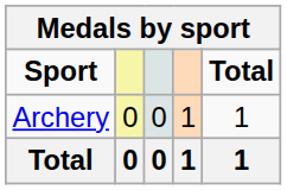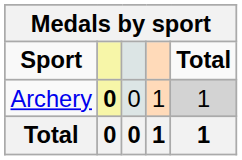 <table class="wikitable" border="1" style="font-size:85%; float:down">
 <tr bgcolor=#efefef>
 <th colspan=7><strong>Medals by sport</strong></th>
 </tr>
 <tr align=center>
 <td><strong>Sport</strong></td>
 <td bgcolor=#f7f6a8></td>
 <td bgcolor=#dce5e5></td>
 <td bgcolor=#ffdab9></td>
 <td><strong>Total</strong></td>
 </tr>
 <tr align=center>
 <td><a href='#'>Archery</a></td>
-<td bgcolor=#f7f6a8>0</td>
+<td bgcolor=#f7f6a8><strong>0</strong></td>
 <td bgcolor=#dce5e5>0</td>
 <td bgcolor=#ffdab9>1</td>
-<td>1</td>
+<td style="background: lightgrey;">1</td>
 </tr>
 <tr align=center>
 <th><strong>Total</strong></th>
 <th bgcolor=gold><strong>0</strong></th>
 <th bgcolor=silver><strong>0</strong></th>
 <th bgcolor=#c96><strong>1</strong></th>
 <th><strong>1</strong></th>
 </tr>
 </table>
